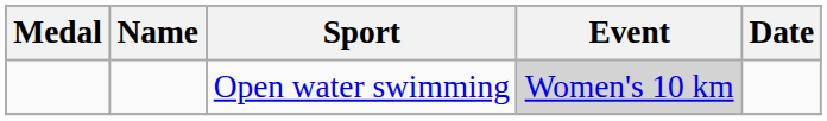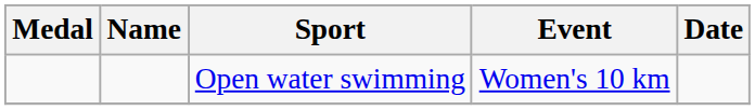 <table class="wikitable sortable" style="font-size:90%">
 <tr>
 <th>Medal</th>
 <th>Name</th>
 <th>Sport</th>
 <th>Event</th>
 <th>Date</th>
 </tr>
 <tr>
 <td></td>
 <td></td>
 <td><a href='#'>Open water swimming</a></td>
-<td style="background: lightgrey;"><a href='#'>Women's 10 km</a></td>
+<td><a href='#'>Women's 10 km</a></td>
 <td></td>
 </tr>
 <tr>
 </tr>
 </table>
